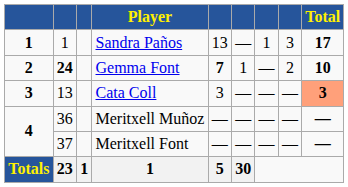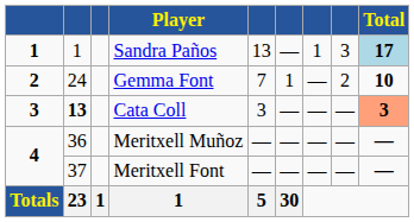 <table class="wikitable" style="text-align:center">
 <tr>
 <th style="background:#26559B; color:#FFF000; "></th>
 <th style="background:#26559B; color:#FFF000; "></th>
 <th style="background:#26559B; color:#FFF000; "></th>
 <th style="background:#26559B; color:#FFF000; ">Player</th>
 <th style="background:#26559B; color:#FFF000; "></th>
 <th style="background:#26559B; color:#FFF000; "></th>
 <th style="background:#26559B; color:#FFF000; "></th>
 <th style="background:#26559B; color:#FFF000; "></th>
 <th style="background:#26559B; color:#FFF000; ">Total</th>
 </tr>
 <tr>
 <td><strong>1</strong></td>
 <td>1</td>
 <td></td>
 <td style="text-align:left"><a href='#'>Sandra Paños</a></td>
 <td>13</td>
 <td>—</td>
 <td>1</td>
 <td>3</td>
-<td><strong>17</strong></td>
+<td style="background: lightblue;"><strong>17</strong></td>
 </tr>
 <tr>
 <td><strong>2</strong></td>
-<td><strong>24</strong></td>
+<td>24</td>
 <td></td>
 <td style="text-align:left"><a href='#'>Gemma Font</a></td>
-<td><strong>7</strong></td>
+<td>7</td>
 <td>1</td>
 <td>—</td>
 <td>2</td>
 <td><strong>10</strong></td>
 </tr>
 <tr>
 <td><strong>3</strong></td>
-<td>13</td>
+<td><strong>13</strong></td>
 <td></td>
 <td style="text-align:left"><a href='#'>Cata Coll</a></td>
 <td>3</td>
 <td>—</td>
 <td>—</td>
 <td>—</td>
 <td style="background: lightsalmon;"><strong>3</strong></td>
 </tr>
 <tr>
 <td rowspan="2"><strong>4</strong></td>
 <td>36</td>
 <td></td>
 <td style="text-align:left">Meritxell Muñoz</td>
 <td>—</td>
 <td>—</td>
 <td>—</td>
 <td>—</td>
 <td><strong>—</strong></td>
 </tr>
 <tr>
 <td>37</td>
 <td></td>
 <td style="text-align:left">Meritxell Font</td>
 <td>—</td>
 <td>—</td>
 <td>—</td>
 <td>—</td>
 <td><strong>—</strong></td>
 </tr>
 <tr>
 <th style="background:#26559B; color:#FFF000; "><strong>Totals</strong></th>
 <th><strong>23</strong></th>
 <th><strong>1</strong></th>
 <th><strong>1</strong></th>
 <th><strong>5</strong></th>
 <th><strong>30</strong></th>
 </tr>
 </table>
